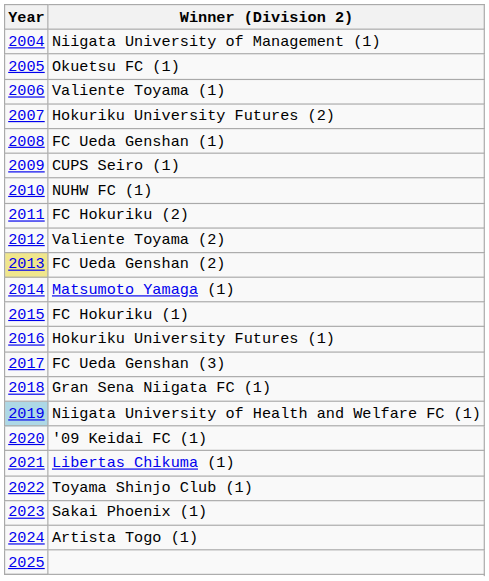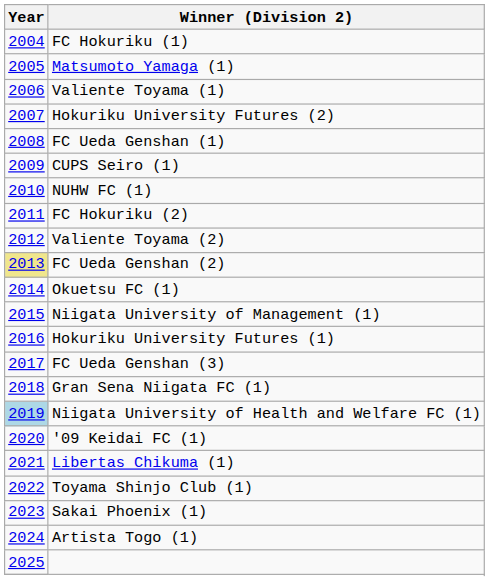 <table class="wikitable">
 <tr>
 <th>Year</th>
 <th>Winner (Division 2)</th>
 </tr>
 <tr>
 <td><a href='#'>2004</a></td>
-<td>Niigata University of Management (1)</td>
+<td>FC Hokuriku (1)</td>
 </tr>
 <tr>
 <td><a href='#'>2005</a></td>
-<td>Okuetsu FC (1)</td>
+<td><a href='#'>Matsumoto Yamaga</a> (1)</td>
 </tr>
 <tr>
 <td><a href='#'>2006</a></td>
 <td>Valiente Toyama (1)</td>
 </tr>
 <tr>
 <td><a href='#'>2007</a></td>
 <td>Hokuriku University Futures (2)</td>
 </tr>
 <tr>
 <td><a href='#'>2008</a></td>
 <td>FC Ueda Genshan (1)</td>
 </tr>
 <tr>
 <td><a href='#'>2009</a></td>
 <td>CUPS Seiro (1)</td>
 </tr>
 <tr>
 <td><a href='#'>2010</a></td>
 <td>NUHW FC (1)</td>
 </tr>
 <tr>
 <td><a href='#'>2011</a></td>
 <td>FC Hokuriku (2)</td>
 </tr>
 <tr>
 <td><a href='#'>2012</a></td>
 <td>Valiente Toyama (2)</td>
 </tr>
 <tr>
 <td style="background: khaki;"><a href='#'>2013</a></td>
 <td>FC Ueda Genshan (2)</td>
 </tr>
 <tr>
 <td><a href='#'>2014</a></td>
-<td><a href='#'>Matsumoto Yamaga</a> (1)</td>
+<td>Okuetsu FC (1)</td>
 </tr>
 <tr>
 <td><a href='#'>2015</a></td>
-<td>FC Hokuriku (1)</td>
+<td>Niigata University of Management (1)</td>
 </tr>
 <tr>
 <td><a href='#'>2016</a></td>
 <td>Hokuriku University Futures (1)</td>
 </tr>
 <tr>
 <td><a href='#'>2017</a></td>
 <td>FC Ueda Genshan (3)</td>
 </tr>
 <tr>
 <td><a href='#'>2018</a></td>
 <td>Gran Sena Niigata FC (1)</td>
 </tr>
 <tr>
 <td style="background: lightblue;"><a href='#'>2019</a></td>
 <td>Niigata University of Health and Welfare FC (1)</td>
 </tr>
 <tr>
 <td><a href='#'>2020</a></td>
 <td>'09 Keidai FC (1)</td>
 </tr>
 <tr>
 <td><a href='#'>2021</a></td>
 <td><a href='#'>Libertas Chikuma</a> (1)</td>
 </tr>
 <tr>
 <td><a href='#'>2022</a></td>
 <td>Toyama Shinjo Club (1)</td>
 </tr>
 <tr>
 <td><a href='#'>2023</a></td>
 <td>Sakai Phoenix (1)</td>
 </tr>
 <tr>
 <td><a href='#'>2024</a></td>
 <td>Artista Togo (1)</td>
 </tr>
 <tr>
 <td><a href='#'>2025</a></td>
 </tr>
 <tr>
 </tr>
 </table>
